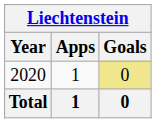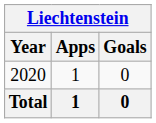 <table class="wikitable" style="text-align:center">
 <tr>
 <th colspan=3><a href='#'>Liechtenstein</a></th>
 </tr>
 <tr>
 <th>Year</th>
 <th>Apps</th>
 <th>Goals</th>
 </tr>
 <tr>
 <td>2020</td>
 <td>1</td>
-<td style="background: khaki;">0</td>
+<td>0</td>
 </tr>
 <tr>
 <th>Total</th>
 <th>1</th>
 <th>0</th>
 </tr>
 </table>
